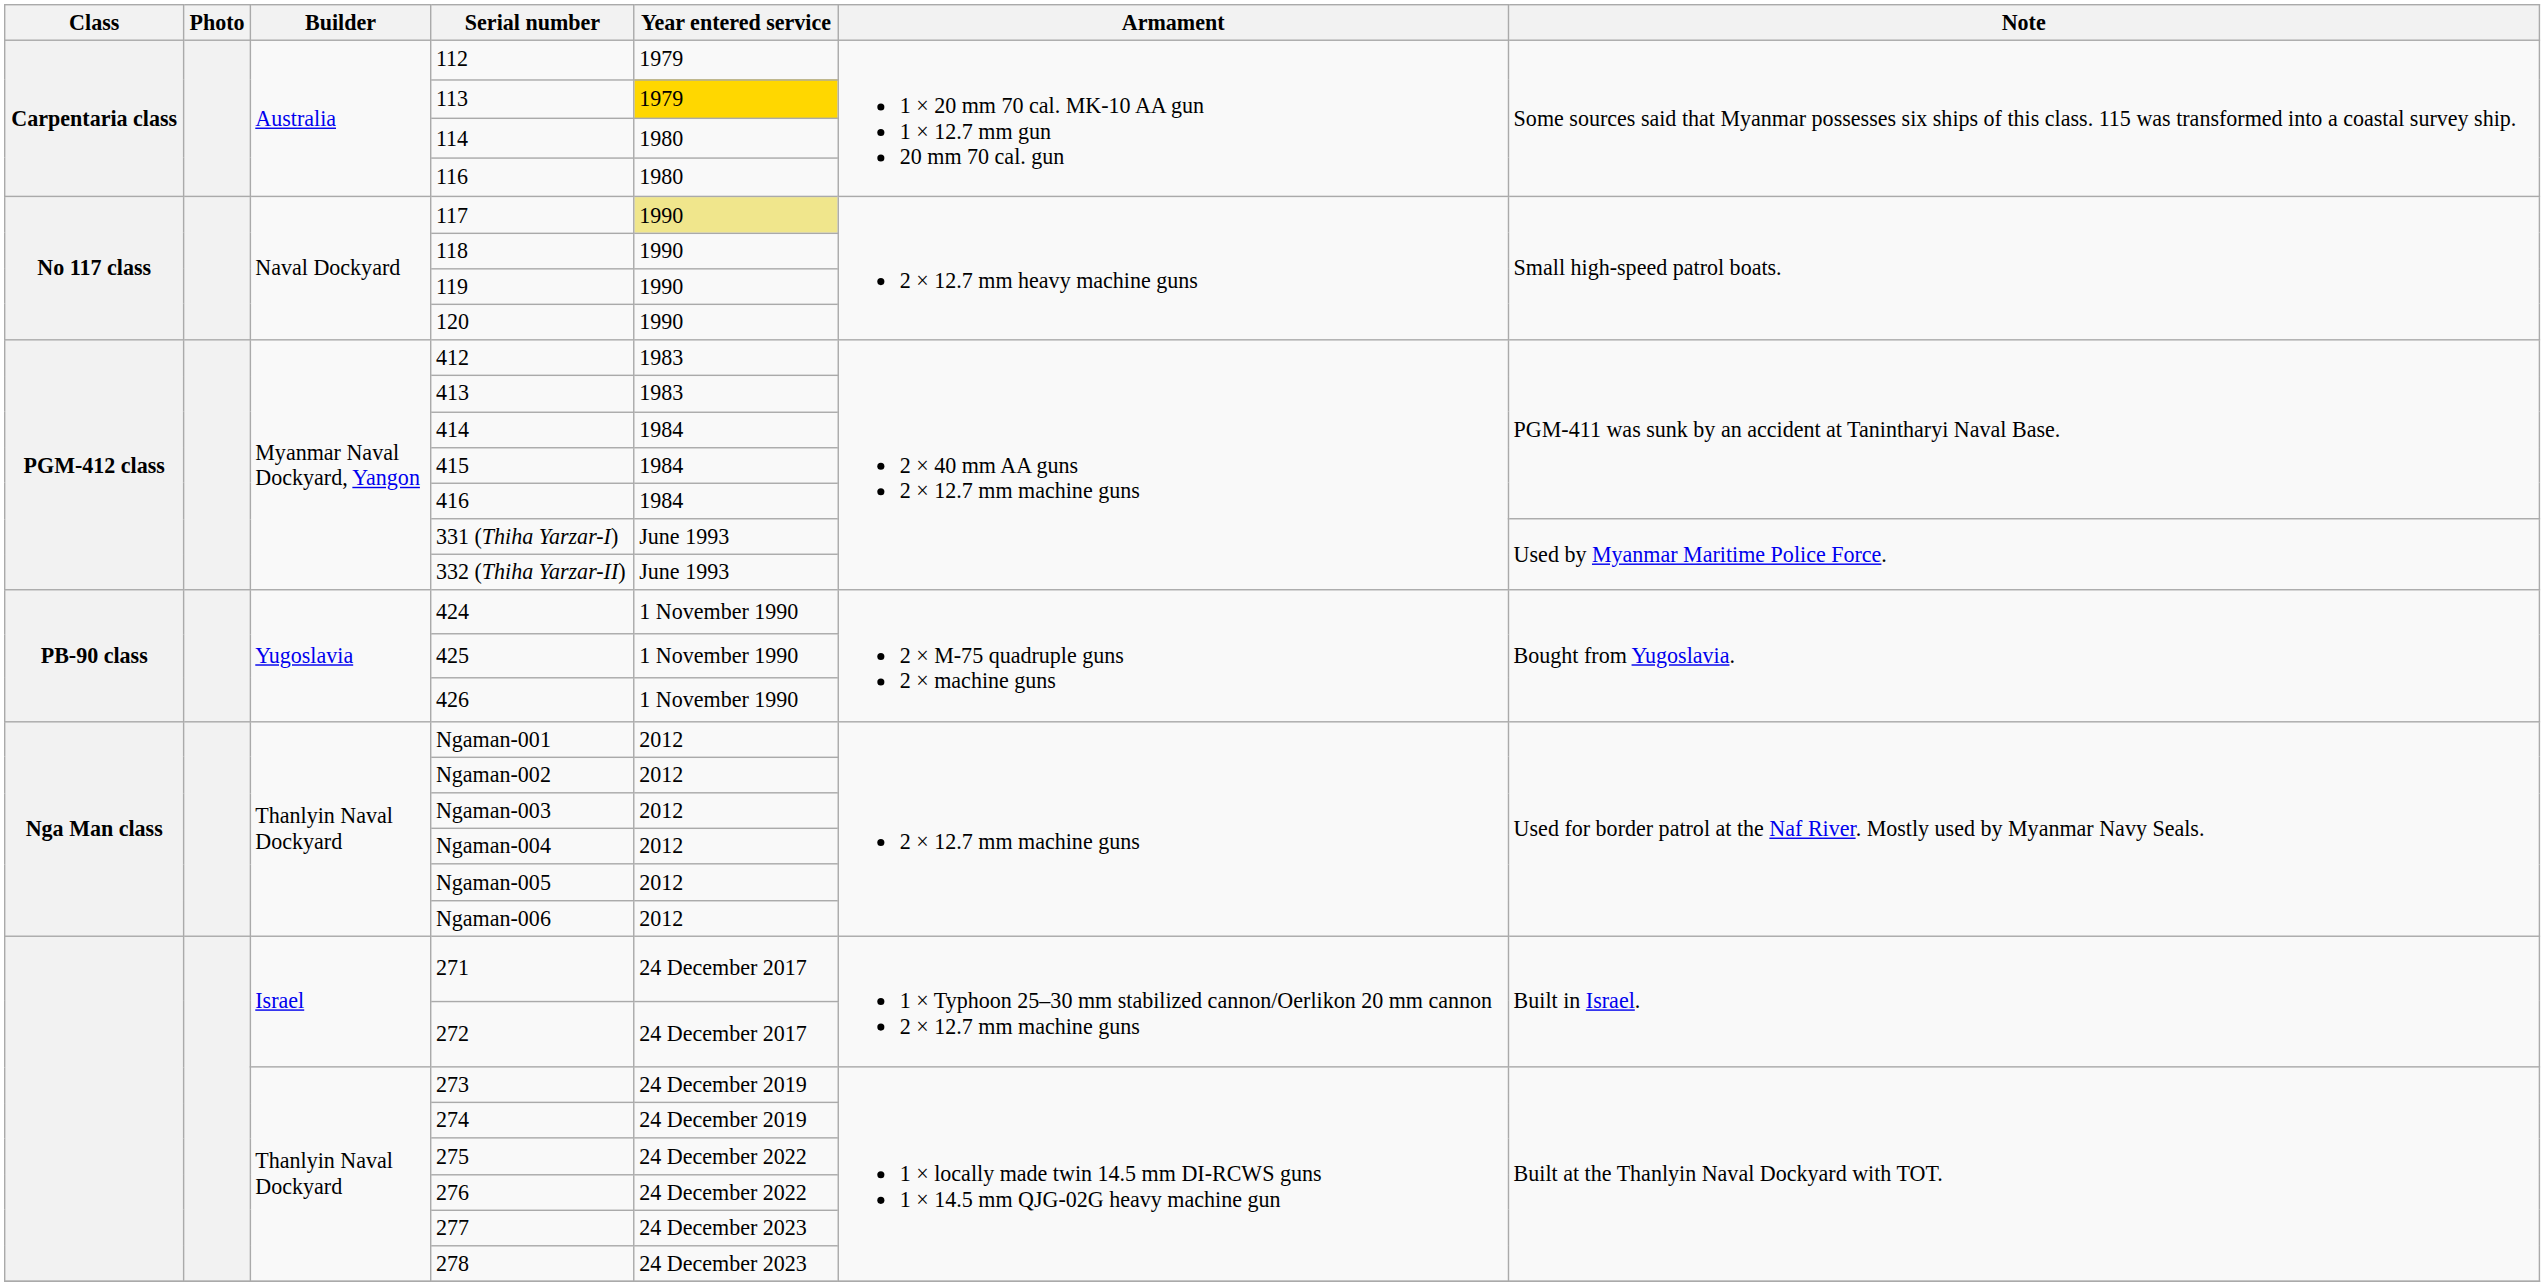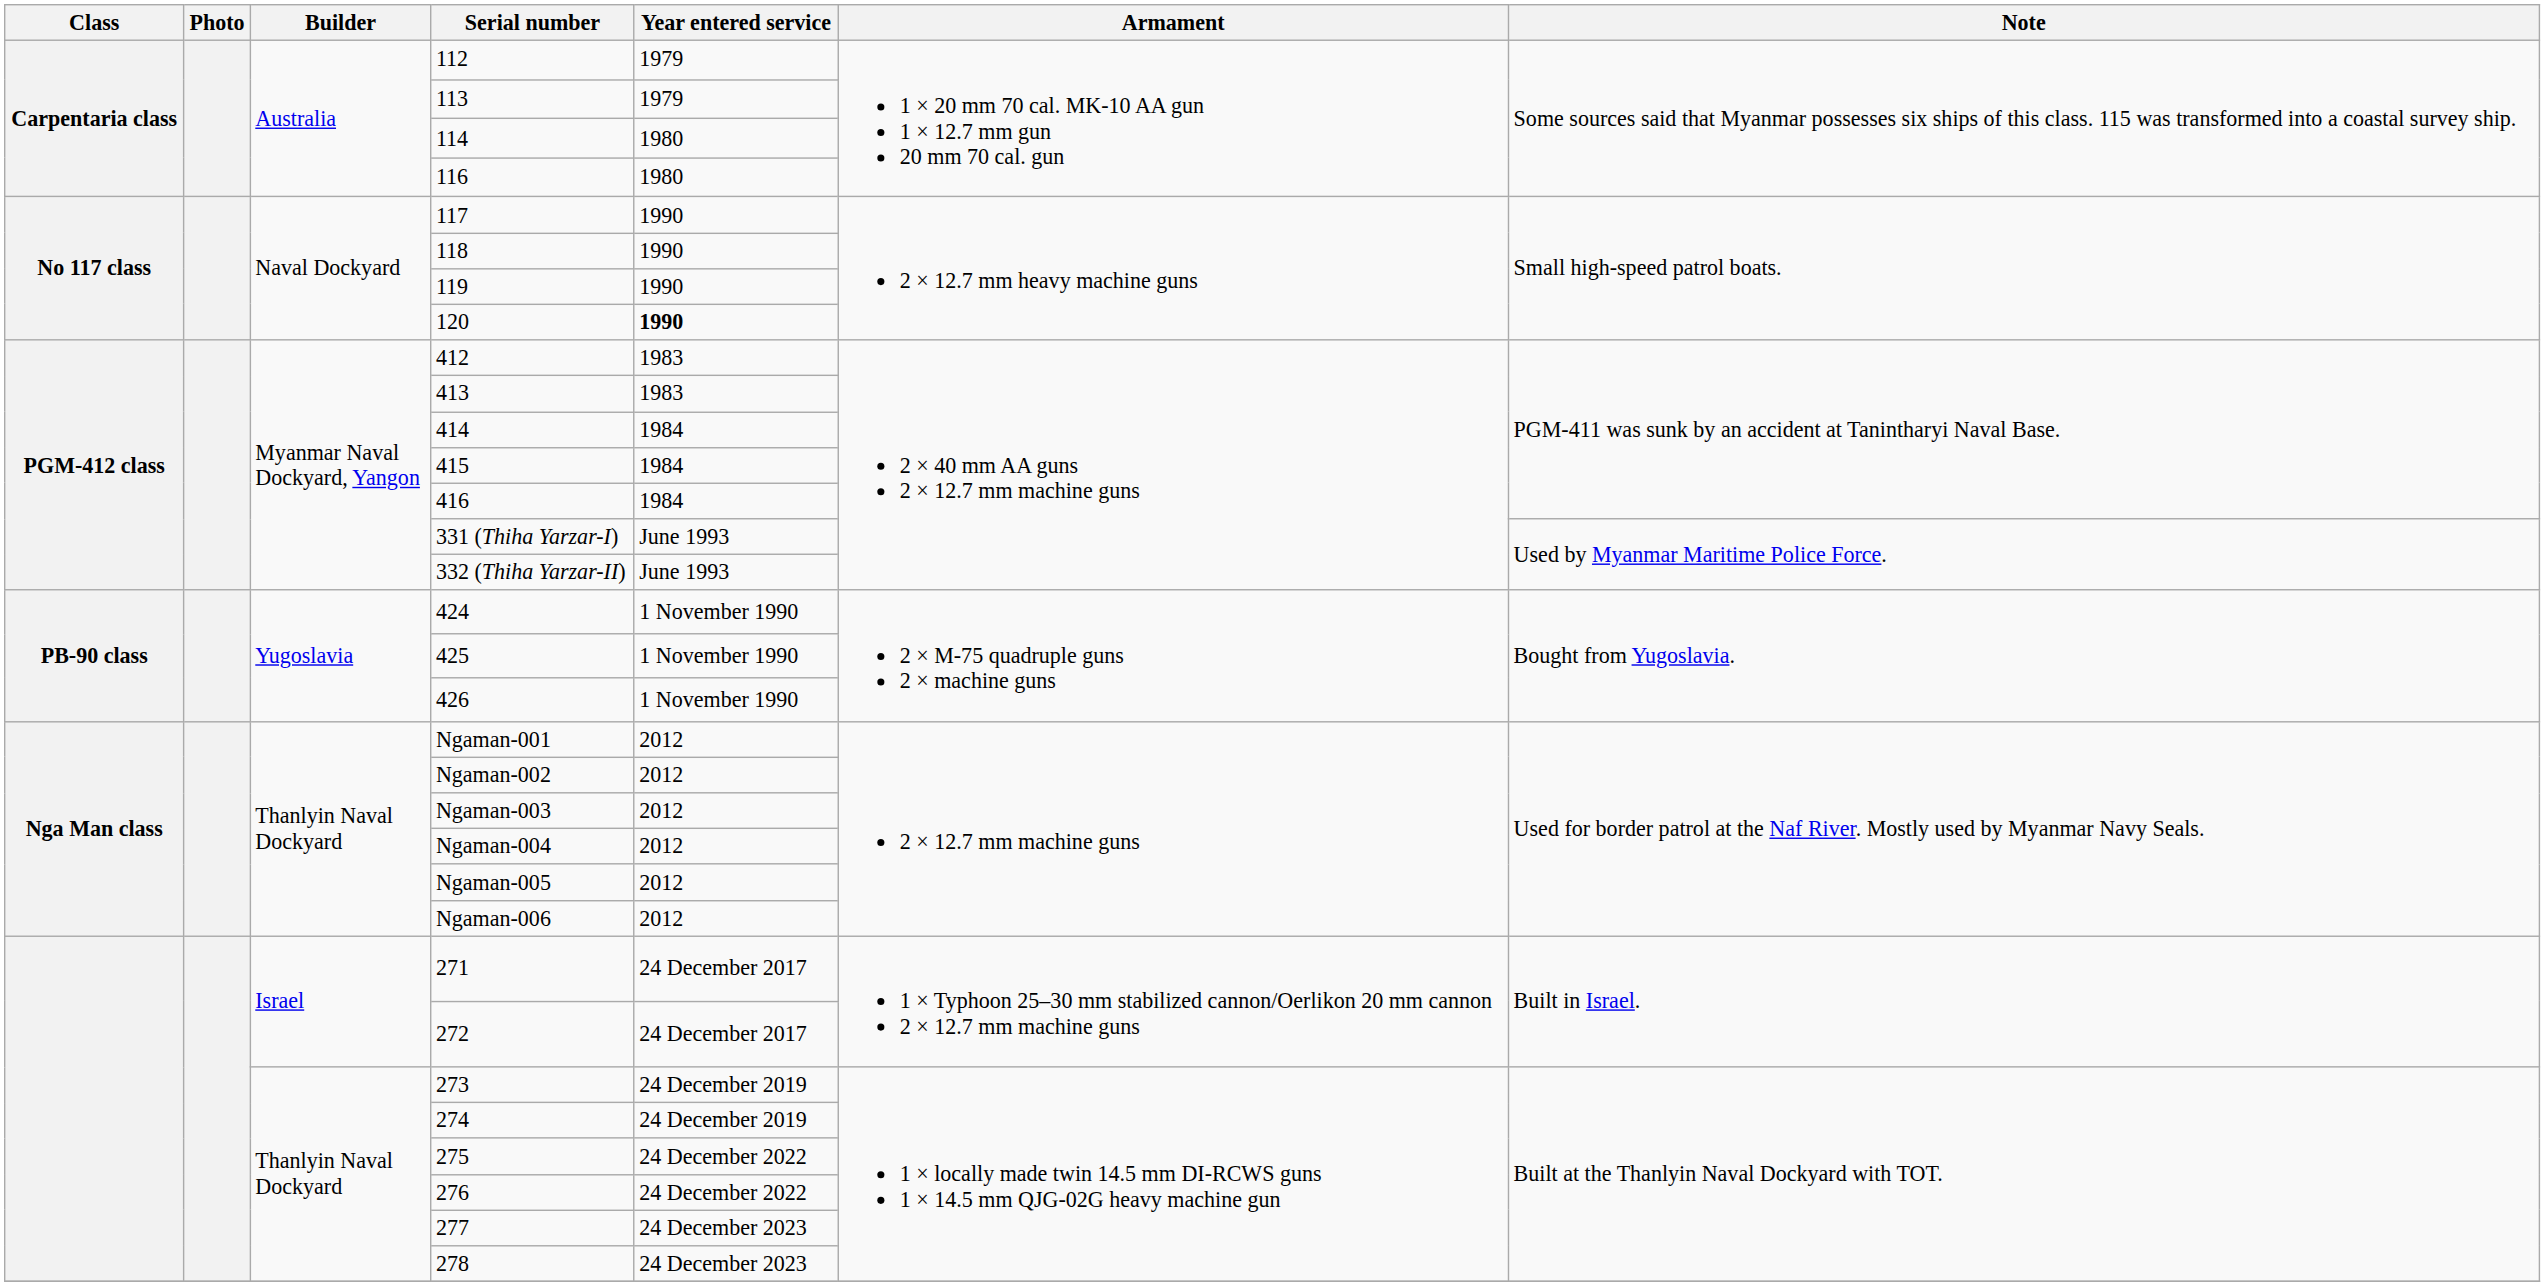 <table class="wikitable" style="font-size:97%; width:90%">
 <tr>
 <th>Class</th>
 <th>Photo</th>
 <th width="120">Builder</th>
 <th>Serial number</th>
 <th>Year entered service</th>
 <th>Armament</th>
 <th>Note</th>
 </tr>
 <tr>
 <th rowspan="4">Carpentaria class</th>
 <th rowspan="4"></th>
 <td rowspan="4"><a href='#'>Australia</a> </td>
 <td>112</td>
 <td>1979</td>
 <td rowspan="4"><br><ul><li>1 × 20 mm 70 cal. MK-10 AA gun</li><li>1 × 12.7 mm gun</li><li>20 mm 70 cal. gun</li></ul></td>
 <td rowspan="4">Some sources said that Myanmar possesses six ships of this class. 115 was transformed into a coastal survey ship.</td>
 </tr>
 <tr>
 <td>113</td>
-<td style="background: gold;">1979</td>
+<td>1979</td>
 </tr>
 <tr>
 <td>114</td>
 <td>1980</td>
 </tr>
 <tr>
 <td>116</td>
 <td>1980</td>
 </tr>
 <tr>
 <th rowspan="4">No 117 class</th>
 <th rowspan="4"></th>
 <td rowspan="4">Naval Dockyard </td>
 <td>117</td>
-<td style="background: khaki;">1990</td>
+<td>1990</td>
 <td rowspan="4"><br><ul><li>2 × 12.7 mm heavy machine guns</li></ul></td>
 <td rowspan="4">Small high-speed patrol boats.</td>
 </tr>
 <tr>
 <td>118</td>
 <td>1990</td>
 </tr>
 <tr>
 <td>119</td>
 <td>1990</td>
 </tr>
 <tr>
 <td>120</td>
-<td>1990</td>
+<td><strong>1990</strong></td>
 </tr>
 <tr>
 <th rowspan="7">PGM-412 class</th>
 <th rowspan="7"></th>
 <td rowspan="7">Myanmar Naval Dockyard, <a href='#'>Yangon</a> </td>
 <td>412</td>
 <td>1983</td>
 <td rowspan="7"><br><ul><li>2 × 40 mm AA guns</li><li>2 × 12.7 mm machine guns</li></ul></td>
 <td rowspan="5">PGM-411 was sunk by an accident at Tanintharyi Naval Base.</td>
 </tr>
 <tr>
 <td>413</td>
 <td>1983</td>
 </tr>
 <tr>
 <td>414</td>
 <td>1984</td>
 </tr>
 <tr>
 <td>415</td>
 <td>1984</td>
 </tr>
 <tr>
 <td>416</td>
 <td>1984</td>
 </tr>
 <tr>
 <td>331 (<em>Thiha Yarzar-I</em>)</td>
 <td>June 1993</td>
 <td rowspan="2">Used by <a href='#'>Myanmar Maritime Police Force</a>.</td>
 </tr>
 <tr>
 <td>332 (<em>Thiha Yarzar-II</em>)</td>
 <td>June 1993</td>
 </tr>
 <tr>
 <th rowspan="3">PB-90 class</th>
 <th rowspan="3"></th>
 <td rowspan="3"><a href='#'>Yugoslavia</a> </td>
 <td>424</td>
 <td>1 November 1990</td>
 <td rowspan="3"><br><ul><li>2 × M-75 quadruple guns</li><li>2 × machine guns</li></ul></td>
 <td rowspan="3">Bought from <a href='#'>Yugoslavia</a>.</td>
 </tr>
 <tr>
 <td>425</td>
 <td>1 November 1990</td>
 </tr>
 <tr>
 <td>426</td>
 <td>1 November 1990</td>
 </tr>
 <tr>
 <th rowspan="6">Nga Man class</th>
 <th rowspan="6"></th>
 <td rowspan="6">Thanlyin Naval Dockyard </td>
 <td>Ngaman-001</td>
 <td>2012</td>
 <td rowspan="6"><br><ul><li>2 × 12.7 mm machine guns</li></ul></td>
 <td rowspan="6">Used for border patrol at the <a href='#'>Naf River</a>. Mostly used by Myanmar Navy Seals.</td>
 </tr>
 <tr>
 <td>Ngaman-002</td>
 <td>2012</td>
 </tr>
 <tr>
 <td>Ngaman-003</td>
 <td>2012</td>
 </tr>
 <tr>
 <td>Ngaman-004</td>
 <td>2012</td>
 </tr>
 <tr>
 <td>Ngaman-005</td>
 <td>2012</td>
 </tr>
 <tr>
 <td>Ngaman-006</td>
 <td>2012</td>
 </tr>
 <tr>
 <th rowspan="8"></th>
 <th rowspan="8"></th>
 <td rowspan="2"><a href='#'>Israel</a> </td>
 <td>271</td>
 <td>24 December 2017</td>
 <td rowspan="2"><br><ul><li>1 × Typhoon 25–30 mm stabilized cannon/Oerlikon 20 mm cannon</li><li>2 × 12.7 mm machine guns</li></ul></td>
 <td rowspan="2">Built in <a href='#'>Israel</a>.</td>
 </tr>
 <tr>
 <td>272</td>
 <td>24 December 2017</td>
 </tr>
 <tr>
 <td rowspan="6">Thanlyin Naval Dockyard </td>
 <td>273</td>
 <td>24 December 2019</td>
 <td rowspan="6"><br><ul><li>1 × locally made twin 14.5 mm DI-RCWS guns</li><li>1 × 14.5 mm QJG-02G heavy machine gun</li></ul></td>
 <td rowspan="6">Built at the Thanlyin Naval Dockyard with TOT.</td>
 </tr>
 <tr>
 <td>274</td>
 <td>24 December 2019</td>
 </tr>
 <tr>
 <td>275</td>
 <td>24 December 2022</td>
 </tr>
 <tr>
 <td>276</td>
 <td>24 December 2022</td>
 </tr>
 <tr>
 <td>277</td>
 <td>24 December 2023</td>
 </tr>
 <tr>
 <td>278</td>
 <td>24 December 2023</td>
 </tr>
 <tr>
 </tr>
 </table>
